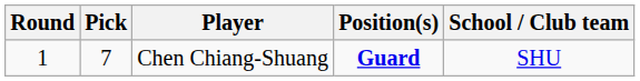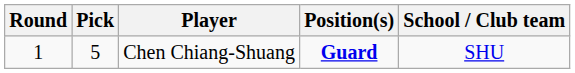 <table class="wikitable sortable sortable">
 <tr>
 <th>Round</th>
 <th>Pick</th>
 <th>Player</th>
 <th>Position(s)</th>
 <th>School / Club team</th>
 </tr>
 <tr style="text-align: center">
 <td>1</td>
-<td>7</td>
+<td>5</td>
 <td>Chen Chiang-Shuang</td>
 <td><strong><a href='#'>Guard</a></strong></td>
 <td><a href='#'>SHU</a></td>
 </tr>
 </table>
